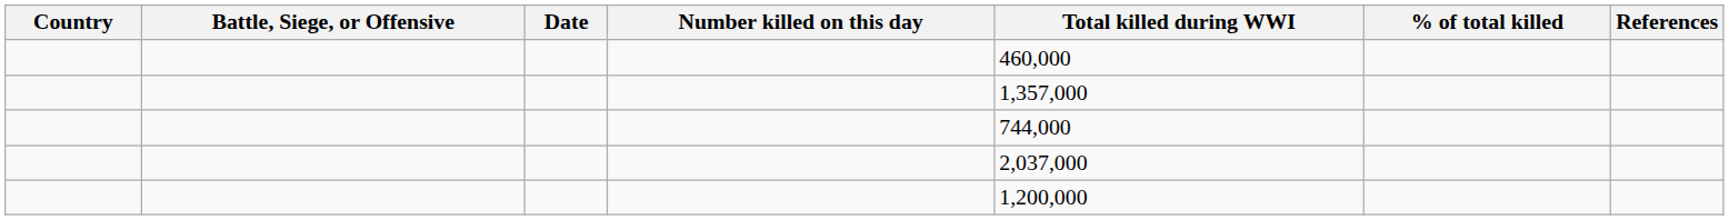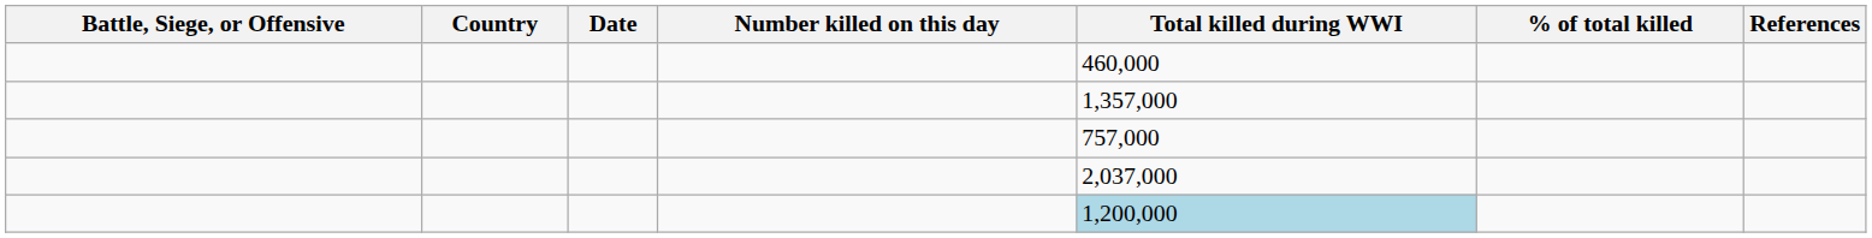 <table class="wikitable sortable">
 <tr>
+<th>Battle, Siege, or Offensive</th>
 <th>Country</th>
-<th>Battle, Siege, or Offensive</th>
 <th>Date</th>
 <th data-sort-type="number">Number killed on this day</th>
 <th data-sort-type="number">Total killed during WWI</th>
 <th data-sort-type="number">% of total killed</th>
 <th style="width:5%;" class="unsortable">References</th>
 </tr>
 <tr>
 <td></td>
 <td></td>
 <td></td>
 <td></td>
 <td>460,000 </td>
 <td></td>
 <td></td>
 </tr>
 <tr>
 <td></td>
 <td></td>
 <td></td>
 <td></td>
 <td>1,357,000 </td>
 <td></td>
 <td></td>
 </tr>
 <tr>
 <td></td>
 <td></td>
 <td></td>
 <td></td>
-<td>744,000 </td>
+<td>757,000 </td>
 <td></td>
 <td></td>
 </tr>
 <tr>
 <td></td>
 <td></td>
 <td></td>
 <td></td>
 <td>2,037,000 </td>
 <td></td>
 <td></td>
 </tr>
 <tr>
 <td></td>
 <td></td>
 <td></td>
 <td></td>
-<td>1,200,000 </td>
+<td style="background: lightblue;">1,200,000 </td>
 <td></td>
 <td></td>
 </tr>
 </table>
